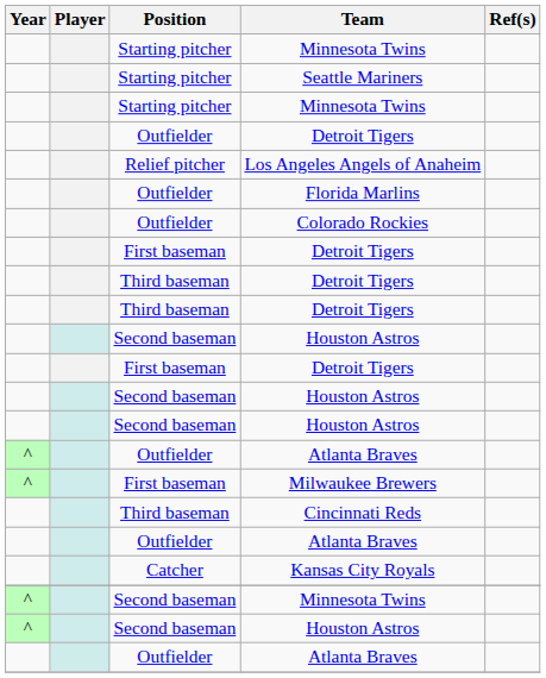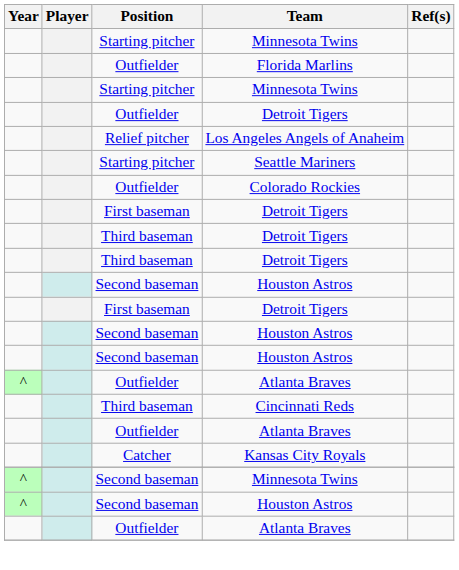 <table class="wikitable sortable plainrowheaders" style="text-align:center">
 <tr>
 <th scope="col">Year</th>
 <th scope="col">Player</th>
 <th scope="col">Position</th>
 <th scope="col">Team</th>
 <th scope="col" class="unsortable">Ref(s)</th>
 </tr>
 <tr>
 <td></td>
 <th scope="row" style="text-align:center"></th>
 <td><a href='#'>Starting pitcher</a></td>
 <td><a href='#'>Minnesota Twins</a></td>
 <td></td>
 </tr>
 <tr>
 <td></td>
 <th scope="row" style="text-align:center"></th>
-<td><a href='#'>Starting pitcher</a></td>
-<td><a href='#'>Seattle Mariners</a></td>
+<td><a href='#'>Outfielder</a></td>
+<td><a href='#'>Florida Marlins</a></td>
 <td></td>
 </tr>
 <tr>
 <td></td>
 <th scope="row" style="text-align:center"> </th>
 <td><a href='#'>Starting pitcher</a></td>
 <td><a href='#'>Minnesota Twins</a></td>
 <td></td>
 </tr>
 <tr>
 <td></td>
 <th scope="row" style="text-align:center"></th>
 <td><a href='#'>Outfielder</a></td>
 <td><a href='#'>Detroit Tigers</a></td>
 <td></td>
 </tr>
 <tr>
 <td></td>
 <th scope="row" style="text-align:center"></th>
 <td><a href='#'>Relief pitcher</a></td>
 <td><a href='#'>Los Angeles Angels of Anaheim</a></td>
 <td></td>
 </tr>
 <tr>
 <td></td>
 <th scope="row" style="text-align:center"></th>
-<td><a href='#'>Outfielder</a></td>
-<td><a href='#'>Florida Marlins</a></td>
+<td><a href='#'>Starting pitcher</a></td>
+<td><a href='#'>Seattle Mariners</a></td>
 <td></td>
 </tr>
 <tr>
 <td></td>
 <th scope="row" style="text-align:center"></th>
 <td><a href='#'>Outfielder</a></td>
 <td><a href='#'>Colorado Rockies</a></td>
 <td></td>
 </tr>
 <tr>
 <td></td>
 <th scope="row" style="text-align:center"> </th>
 <td><a href='#'>First baseman</a></td>
 <td><a href='#'>Detroit Tigers</a></td>
 <td></td>
 </tr>
 <tr>
 <td></td>
 <th scope="row" style="text-align:center"> </th>
 <td><a href='#'>Third baseman</a></td>
 <td><a href='#'>Detroit Tigers</a></td>
 <td></td>
 </tr>
 <tr>
 <td></td>
 <th scope="row" style="text-align:center"> </th>
 <td><a href='#'>Third baseman</a></td>
 <td><a href='#'>Detroit Tigers</a></td>
 <td></td>
 </tr>
 <tr>
 <td></td>
 <th scope="row" style="text-align:center; background:#cfecec;"></th>
 <td><a href='#'>Second baseman</a></td>
 <td><a href='#'>Houston Astros</a></td>
 <td></td>
 </tr>
 <tr>
 <td></td>
 <th scope="row" style="text-align:center"> </th>
 <td><a href='#'>First baseman</a></td>
 <td><a href='#'>Detroit Tigers</a></td>
 <td></td>
 </tr>
 <tr>
 <td></td>
 <th scope="row" style="text-align:center; background:#cfecec;"> </th>
 <td><a href='#'>Second baseman</a></td>
 <td><a href='#'>Houston Astros</a></td>
 <td></td>
 </tr>
 <tr>
 <td></td>
 <th scope="row" style="text-align:center; background:#cfecec;"> </th>
 <td><a href='#'>Second baseman</a></td>
 <td><a href='#'>Houston Astros</a></td>
 <td></td>
 </tr>
 <tr>
 <td style="background:#bfb;">^</td>
 <th scope="row" style="text-align:center; background:#cfecec;"></th>
 <td><a href='#'>Outfielder</a></td>
 <td><a href='#'>Atlanta Braves</a></td>
 <td></td>
 </tr>
 <tr>
-<td style="background:#bfb;">^</td>
-<th scope="row" style="text-align:center; background:#cfecec;"></th>
-<td><a href='#'>First baseman</a></td>
-<td><a href='#'>Milwaukee Brewers</a></td>
-<td></td>
-</tr>
-<tr>
 <td></td>
 <th scope="row" style="text-align:center; background:#cfecec;"></th>
 <td><a href='#'>Third baseman</a></td>
 <td><a href='#'>Cincinnati Reds</a></td>
 <td></td>
 </tr>
 <tr>
 <td></td>
 <th scope="row" style="text-align:center; background:#cfecec;"> </th>
 <td><a href='#'>Outfielder</a></td>
 <td><a href='#'>Atlanta Braves</a></td>
 <td></td>
 </tr>
 <tr>
 <td></td>
 <th scope="row" style="text-align:center; background:#cfecec;"></th>
 <td><a href='#'>Catcher</a></td>
 <td><a href='#'>Kansas City Royals</a></td>
 <td></td>
 </tr>
 <tr>
 </tr>
 <tr>
 <td style="background:#bfb;">^</td>
 <th scope="row" style="text-align:center; background:#cfecec;"></th>
 <td><a href='#'>Second baseman</a></td>
 <td><a href='#'>Minnesota Twins</a></td>
 <td></td>
 </tr>
 <tr>
 <td style="background:#bfb;">^</td>
 <th scope="row" style="text-align:center; background:#cfecec;"> </th>
 <td><a href='#'>Second baseman</a></td>
 <td><a href='#'>Houston Astros</a></td>
 <td></td>
 </tr>
 <tr>
 <td></td>
 <th scope="row" style="text-align:center; background:#cfecec;"> </th>
 <td><a href='#'>Outfielder</a></td>
 <td><a href='#'>Atlanta Braves</a></td>
 <td></td>
 </tr>
 <tr>
 </tr>
 </table>
